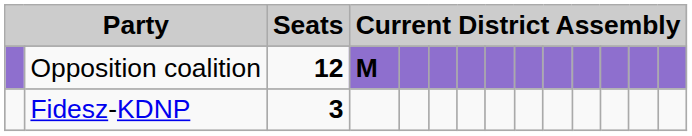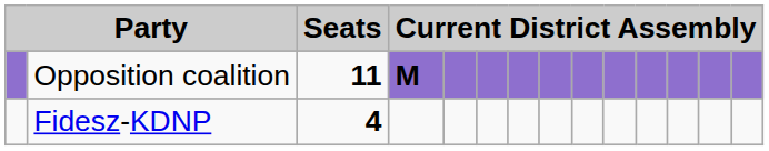 <table class="wikitable">
 <tr>
 <th style="background:#ccc" colspan="2">Party</th>
 <th style="background:#ccc">Seats</th>
 <th style="background:#ccc" colspan="11">Current District Assembly</th>
 </tr>
 <tr>
 <td style="background-color: #8E6FCE"> </td>
 <td>Opposition coalition</td>
-<td style="text-align: right"><strong>12</strong></td>
+<td style="text-align: right"><strong>11</strong></td>
 <td style="background-color: #8E6FCE"><span><strong>M</strong></span></td>
 <td style="background-color: #8E6FCE"> </td>
 <td style="background-color: #8E6FCE"> </td>
 <td style="background-color: #8E6FCE"> </td>
 <td style="background-color: #8E6FCE"> </td>
 <td style="background-color: #8E6FCE"> </td>
 <td style="background-color: #8E6FCE"> </td>
 <td style="background-color: #8E6FCE"> </td>
 <td style="background-color: #8E6FCE"> </td>
 <td style="background-color: #8E6FCE"> </td>
 <td style="background-color: #8E6FCE"> </td>
 </tr>
 <tr>
 <td style="background-color: "> </td>
 <td><a href='#'>Fidesz</a>-<a href='#'>KDNP</a></td>
-<td style="text-align: right"><strong>3</strong></td>
+<td style="text-align: right"><strong>4</strong></td>
 <td style="background-color: "> </td>
 <td style="background-color: "> </td>
 <td style="background-color: "> </td>
 <td style="background-color: "> </td>
 <td> </td>
 <td> </td>
 <td> </td>
 <td> </td>
 <td> </td>
 <td> </td>
 <td> </td>
 </tr>
 </table>
